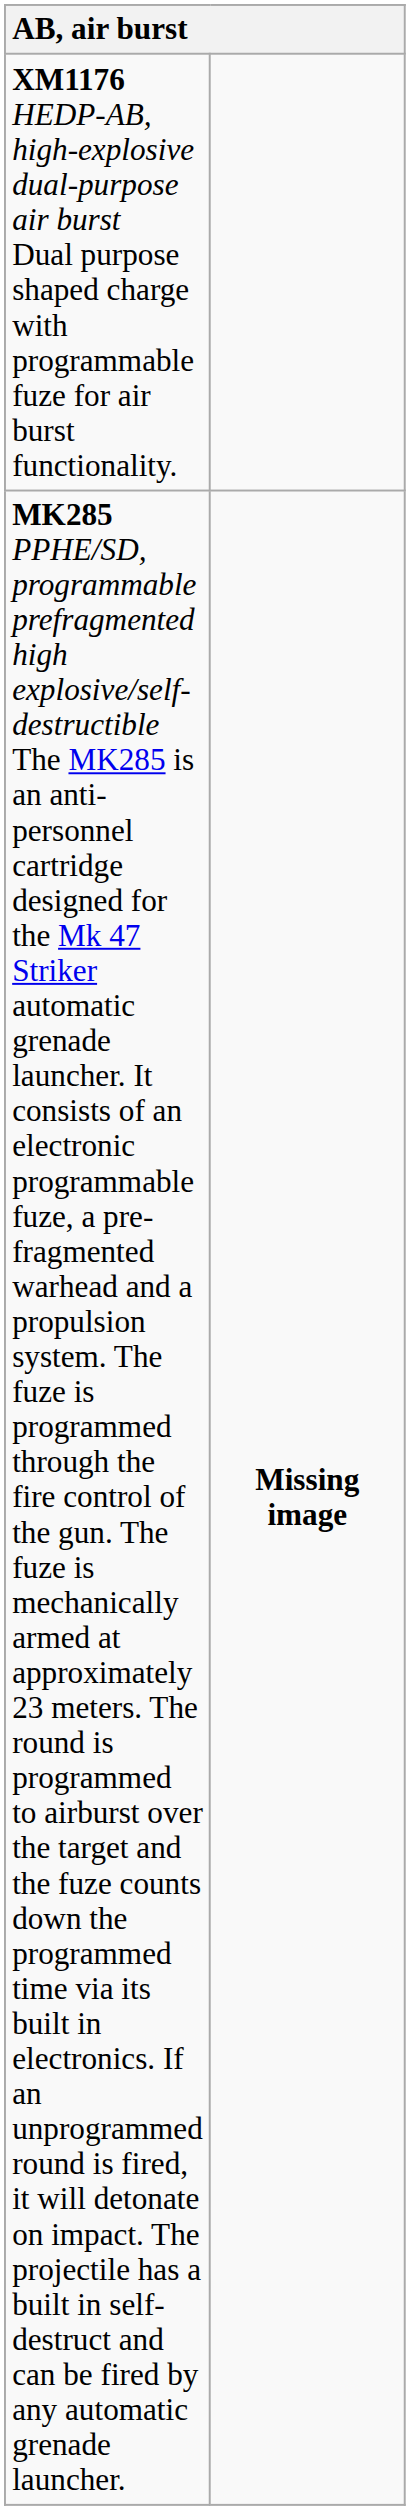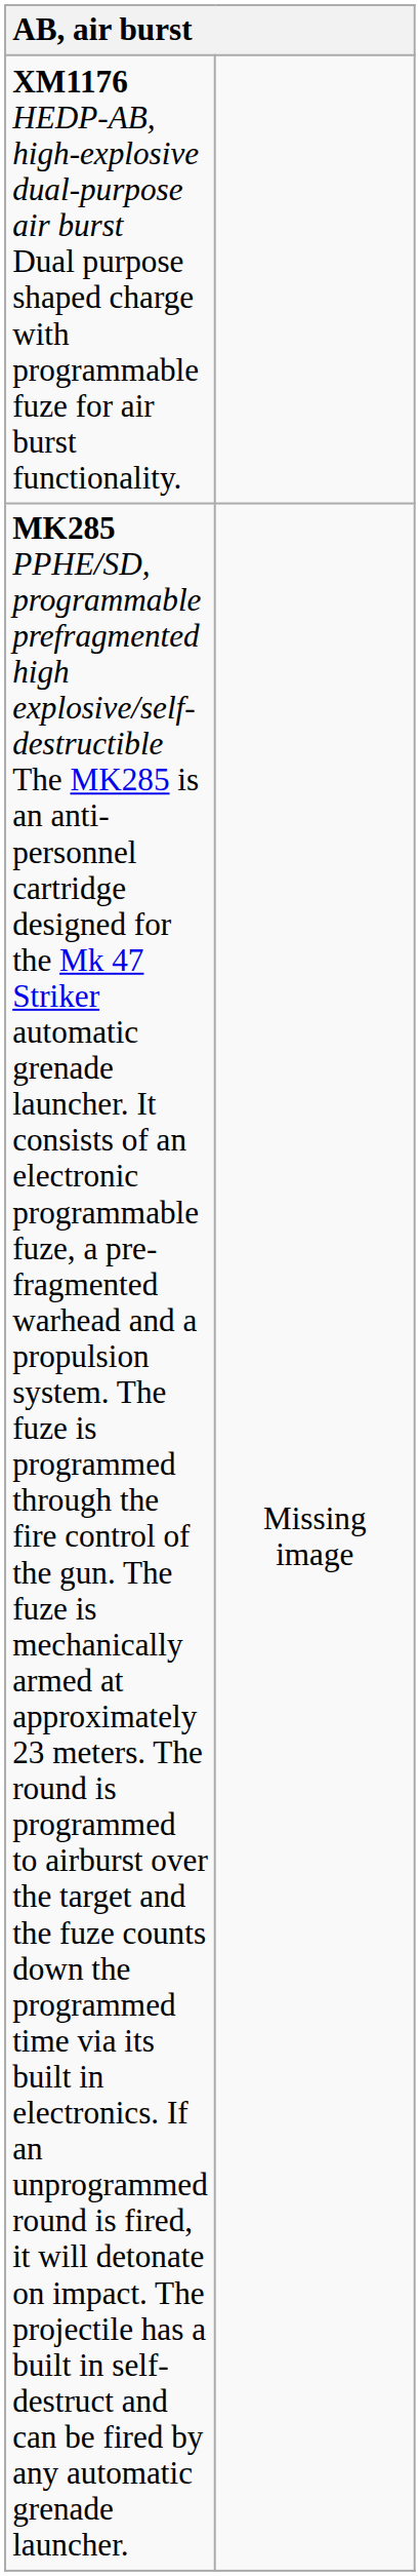 <table class="wikitable mw-collapsible mw-collapsed" style="width: 33%;">
 <tr>
 <th colspan="2" style="text-align: left;">AB, air burst</th>
 </tr>
 <tr>
 <td><strong>XM1176</strong><br><em>HEDP-AB, high-explosive dual-purpose air burst</em><br>Dual purpose shaped charge with programmable fuze for air burst functionality. </td>
 <td></td>
 </tr>
 <tr>
 <td><strong>MK285</strong><br><em>PPHE/SD, programmable prefragmented high explosive/self-destructible</em><br>The <a href='#'>MK285</a> is an anti-personnel cartridge designed for the <a href='#'>Mk 47 Striker</a> automatic grenade launcher. It consists of an electronic programmable fuze, a pre-fragmented warhead and a propulsion system. The fuze is programmed through the fire control of the gun. The fuze is mechanically armed at approximately 23 meters. The round is programmed to airburst over the target and the fuze counts down the programmed time via its built in electronics. If an unprogrammed round is fired, it will detonate on impact. The projectile has a built in self-destruct and can be fired by any automatic grenade launcher.</td>
-<td style="width: 100px; text-align: center; vertical-align: center;"><strong>Missing image</strong></td>
+<td style="width: 100px; text-align: center; vertical-align: center;">Missing image</td>
 </tr>
 </table>
